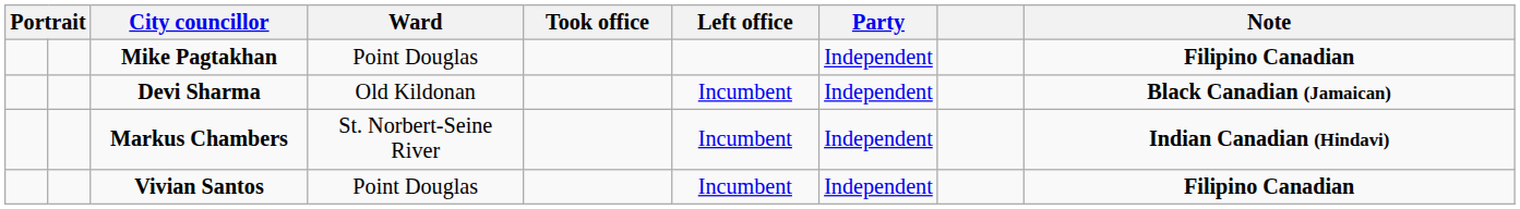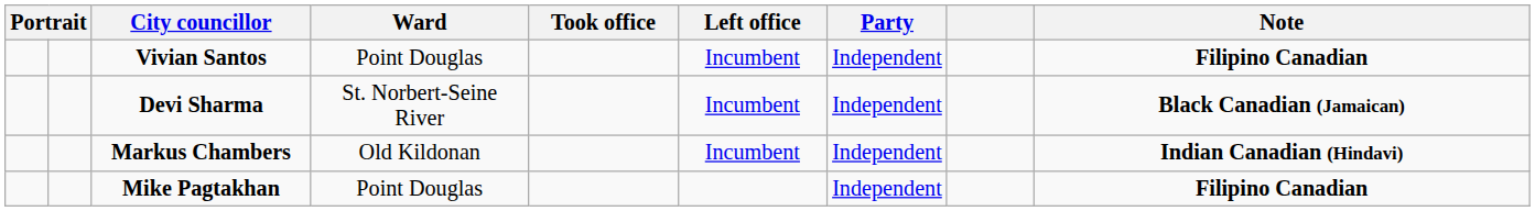 <table class="wikitable sortable plainrowheaders" style="text-align: center;">
 <tr>
 <th colspan="2" class=unsortable>Portrait</th>
 <th colspan="1" class=unsortable width=150px><a href='#'>City councillor</a></th>
 <th scope="col" width=150px>Ward</th>
 <th scope="col" width=100px>Took office</th>
 <th scope="col" width=100px>Left office</th>
 <th scope="col" width=70px><a href='#'>Party</a></th>
 <th scope="col" class=unsortable width=55px></th>
 <th scope="col" class=unsortable width=350px>Note</th>
 </tr>
 <tr>
 <td rowspan="1" style="background:"></td>
 <td rowspan="1"></td>
-<td rowspan="1"><strong>Mike Pagtakhan</strong></td>
+<td rowspan="1"><strong>Vivian Santos</strong></td>
 <td rowspan="1">Point Douglas</td>
 <td rowspan="1"></td>
-<td rowspan="1"></td>
+<td rowspan="1"><a href='#'>Incumbent</a></td>
 <td rowspan="1"><a href='#'>Independent</a></td>
 <td rowspan="1"></td>
 <td rowspan="1"><strong>Filipino Canadian</strong></td>
 </tr>
 <tr>
 <td rowspan="1" style="background:"></td>
 <td rowspan="1"></td>
 <td rowspan="1"><strong>Devi Sharma</strong></td>
-<td rowspan="1">Old Kildonan</td>
+<td rowspan="1">St. Norbert-Seine River</td>
 <td rowspan="1"></td>
 <td rowspan="1"><a href='#'>Incumbent</a></td>
 <td rowspan="1"><a href='#'>Independent</a></td>
 <td rowspan="1"></td>
 <td rowspan="1"><strong>Black Canadian <small>(Jamaican)</small></strong></td>
 </tr>
 <tr>
 <td rowspan="1" style="background:"></td>
 <td rowspan="1"></td>
 <td rowspan="1"><strong>Markus Chambers</strong></td>
-<td rowspan="1">St. Norbert-Seine River</td>
+<td rowspan="1">Old Kildonan</td>
 <td rowspan="1"></td>
 <td rowspan="1"><a href='#'>Incumbent</a></td>
 <td rowspan="1"><a href='#'>Independent</a></td>
 <td rowspan="1"></td>
 <td rowspan="1"><strong>Indian Canadian <small>(Hindavi)</small></strong></td>
 </tr>
 <tr>
 <td rowspan="1" style="background:"></td>
 <td rowspan="1"></td>
-<td rowspan="1"><strong>Vivian Santos</strong></td>
+<td rowspan="1"><strong>Mike Pagtakhan</strong></td>
 <td rowspan="1">Point Douglas</td>
 <td rowspan="1"></td>
-<td rowspan="1"><a href='#'>Incumbent</a></td>
+<td rowspan="1"></td>
 <td rowspan="1"><a href='#'>Independent</a></td>
 <td rowspan="1"></td>
 <td rowspan="1"><strong>Filipino Canadian</strong></td>
 </tr>
 </table>
